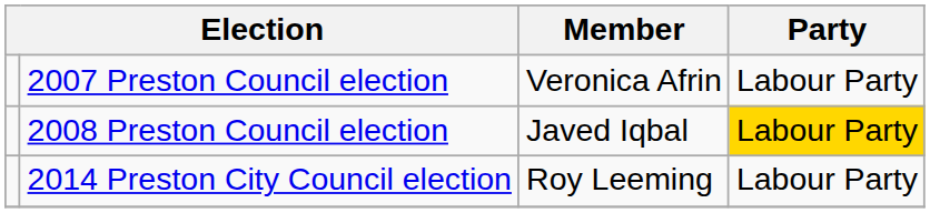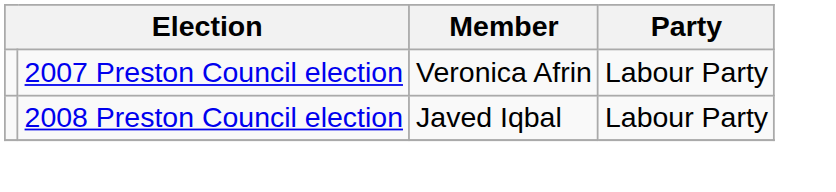 <table class="wikitable">
 <tr>
 <th colspan="2">Election</th>
 <th>Member</th>
 <th>Party</th>
 </tr>
 <tr>
 <td style="background-color: "></td>
 <td><a href='#'>2007 Preston Council election</a></td>
 <td>Veronica Afrin</td>
 <td>Labour Party</td>
 </tr>
 <tr>
 <td style="background-color: "></td>
 <td><a href='#'>2008 Preston Council election</a></td>
 <td>Javed Iqbal</td>
-<td style="background: gold;">Labour Party</td>
-</tr>
-<tr>
-<td style="background-color: "></td>
-<td><a href='#'>2014 Preston City Council election</a></td>
-<td>Roy Leeming</td>
 <td>Labour Party</td>
 </tr>
 <tr>
 </tr>
 </table>
